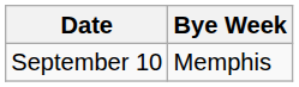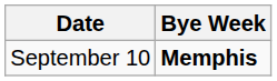 <table class="wikitable" style="font-size:95%;">
 <tr>
 <th>Date</th>
 <th colspan="2">Bye Week</th>
 </tr>
 <tr>
 <td>September 10</td>
-<td>Memphis</td>
+<td><strong>Memphis</strong></td>
 </tr>
 </table>
